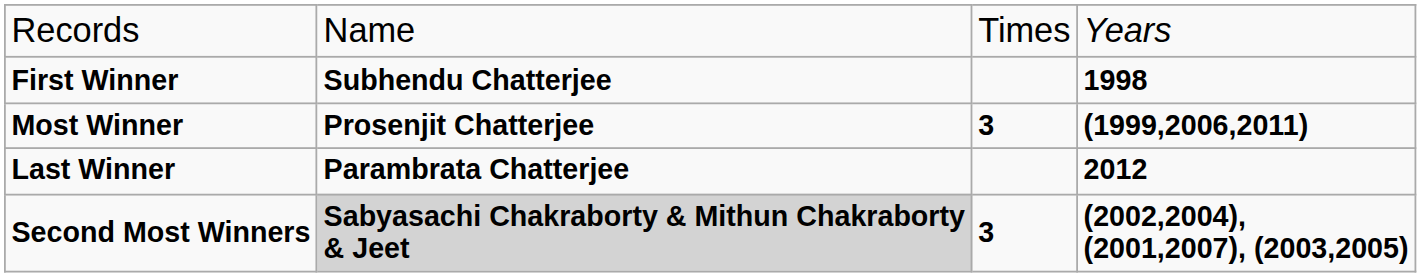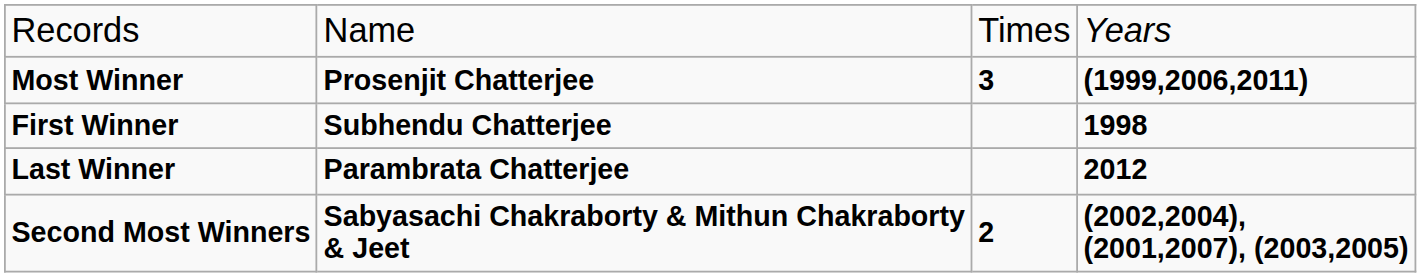 <table class="wikitable">
 <tr>
 <td><big>Records</big></td>
 <td><big>Name</big></td>
 <td><big>Times</big></td>
 <td><em><big>Years</big></em></td>
 </tr>
 <tr>
+<td><strong>Most Winner</strong></td>
+<td><strong>Prosenjit  Chatterjee</strong></td>
+<td><strong>3</strong></td>
+<td><strong>(1999,2006,2011)</strong></td>
+</tr>
+<tr>
 <td><strong>First Winner</strong></td>
 <td><strong>Subhendu Chatterjee</strong></td>
 <td></td>
 <td><strong>1998</strong></td>
-</tr>
-<tr>
-<td><strong>Most Winner</strong></td>
-<td><strong>Prosenjit  Chatterjee</strong></td>
-<td><strong>3</strong></td>
-<td><strong>(1999,2006,2011)</strong></td>
 </tr>
 <tr>
 <td><strong>Last Winner</strong></td>
 <td><strong>Parambrata Chatterjee</strong></td>
 <td></td>
 <td><strong>2012</strong></td>
 </tr>
 <tr>
 <td><strong>Second Most Winners</strong></td>
-<td style="background: lightgrey;"><strong>Sabyasachi  Chakraborty & Mithun Chakraborty</strong><br><strong>& Jeet</strong></td>
-<td><strong>3</strong></td>
+<td><strong>Sabyasachi  Chakraborty & Mithun Chakraborty</strong><br><strong>& Jeet</strong></td>
+<td><strong>2</strong></td>
 <td><strong>(2002,2004),</strong><br><strong>(2001,2007),</strong> <strong>(2003,2005)</strong></td>
 </tr>
 </table>
